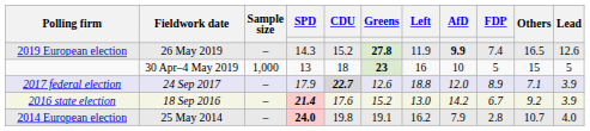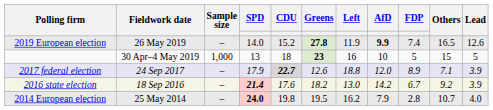 <table class="wikitable sortable" style="text-align:center;font-size:90%;line-height:14px;">
 <tr style="height:40px;">
 <th style="width:160px;" rowspan="2">Polling firm</th>
 <th style="width:125px;" rowspan="2">Fieldwork date</th>
 <th style="width:35px;" rowspan="2">Sample<br>size</th>
 <th class="unsortable" style="width:40px;"><a href='#'><span>SPD</span></a><br></th>
 <th class="unsortable" style="width:40px;"><span><a href='#'>CDU</a></span><br></th>
 <th class="unsortable" style="width:40px;"><a href='#'><span>Greens</span></a><br></th>
 <th class="unsortable" style="width:40px;"><a href='#'><span>Left</span></a><br></th>
 <th class="unsortable" style="width:40px;"><a href='#'><span>AfD</span></a><br></th>
 <th class="unsortable" style="width:40px;"><a href='#'><span>FDP</span></a><br></th>
 <th class="unsortable" style="width:30px;" rowspan="2">Others</th>
 <th style="width:30px;" rowspan="2">Lead</th>
 </tr>
 <tr>
 <th style="background:"></th>
 <th style="background:"></th>
 <th style="background:"></th>
 <th style="background:"></th>
 <th style="background:"></th>
 <th style="background:"></th>
 </tr>
 <tr style="background:#E9E9E9;">
 <td><a href='#'>2019 European election</a></td>
 <td data-sort-value="2019-05-26">26 May 2019</td>
 <td>–</td>
-<td>14.3</td>
+<td>14.0</td>
 <td>15.2</td>
 <td style="background:#DCEAD0;"><strong>27.8</strong></td>
 <td>11.9</td>
 <td><strong>9.9</strong></td>
 <td>7.4</td>
 <td>16.5</td>
 <td style="background:">12.6</td>
 </tr>
 <tr>
 <td></td>
 <td data-sort-value="2019-05-04">30 Apr–4 May 2019</td>
 <td>1,000</td>
 <td>13</td>
 <td>18</td>
 <td style="background:#DCEAD0;"><strong>23</strong></td>
 <td>16</td>
 <td>10</td>
 <td>5</td>
 <td>15</td>
 <td style="background:">5</td>
 </tr>
 <tr style="background:#E5E5F5;font-style:italic;">
 <td><a href='#'>2017 federal election</a></td>
 <td data-sort-value="2017-09-24">24 Sep 2017</td>
 <td>–</td>
 <td>17.9</td>
 <td style="background:#D7D5D7;"><strong>22.7</strong></td>
 <td>12.6</td>
 <td>18.8</td>
 <td>12.0</td>
 <td>8.9</td>
 <td>7.1</td>
 <td style="background:">3.9</td>
 </tr>
 <tr style="background:#F5F5E5;font-style:italic;">
 <td><a href='#'>2016 state election</a></td>
 <td data-sort-value="2016-09-18">18 Sep 2016</td>
 <td>–</td>
 <td style="background:#FFCCCC;"><strong>21.4</strong></td>
 <td>17.6</td>
-<td>15.2</td>
+<td>18.2</td>
 <td>13.0</td>
 <td>14.2</td>
 <td>6.7</td>
 <td>9.2</td>
 <td style="background:">3.9</td>
 </tr>
 <tr style="background:#E9E9E9;">
 <td><a href='#'>2014 European election</a></td>
 <td data-sort-value="2014-05-25">25 May 2014</td>
 <td>–</td>
 <td style="background:#FFCCCC;"><strong>24.0</strong></td>
 <td>19.8</td>
-<td>19.1</td>
+<td>19.5</td>
 <td>16.2</td>
 <td>7.9</td>
 <td>2.8</td>
 <td>10.7</td>
 <td style="background:">4.0</td>
 </tr>
 </table>
